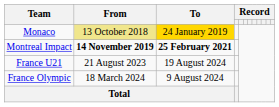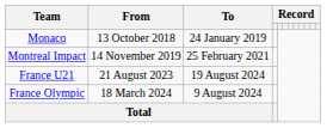 <table class="wikitable" style="text-align: center">
 <tr>
 <th rowspan="2">Team</th>
 <th rowspan="2">From</th>
 <th rowspan="2">To</th>
 <th colspan="9">Record</th>
 </tr>
 <tr>
 <th></th>
 <th></th>
 <th></th>
 <th></th>
 <th></th>
 <th></th>
 <th></th>
 <th></th>
 <th></th>
 </tr>
 <tr>
 <td><a href='#'>Monaco</a></td>
-<td style="background: khaki;">13 October 2018</td>
-<td style="background: gold;">24 January 2019<br></td>
+<td>13 October 2018</td>
+<td>24 January 2019<br></td>
 <td></td>
 </tr>
 <tr>
 <td><a href='#'>Montreal Impact</a></td>
-<td><strong>14 November 2019</strong></td>
-<td><strong>25 February 2021<br></strong></td>
+<td>14 November 2019</td>
+<td>25 February 2021<br></td>
 <td></td>
 </tr>
 <tr>
 <td><a href='#'>France U21</a></td>
 <td>21 August 2023</td>
 <td>19 August 2024<br></td>
 <td></td>
 </tr>
 <tr>
 <td><a href='#'>France Olympic</a></td>
 <td>18 March 2024</td>
 <td>9 August 2024<br></td>
 <td></td>
 </tr>
 <tr>
 <th colspan="3">Total<br></th>
 <th></th>
 </tr>
 </table>
